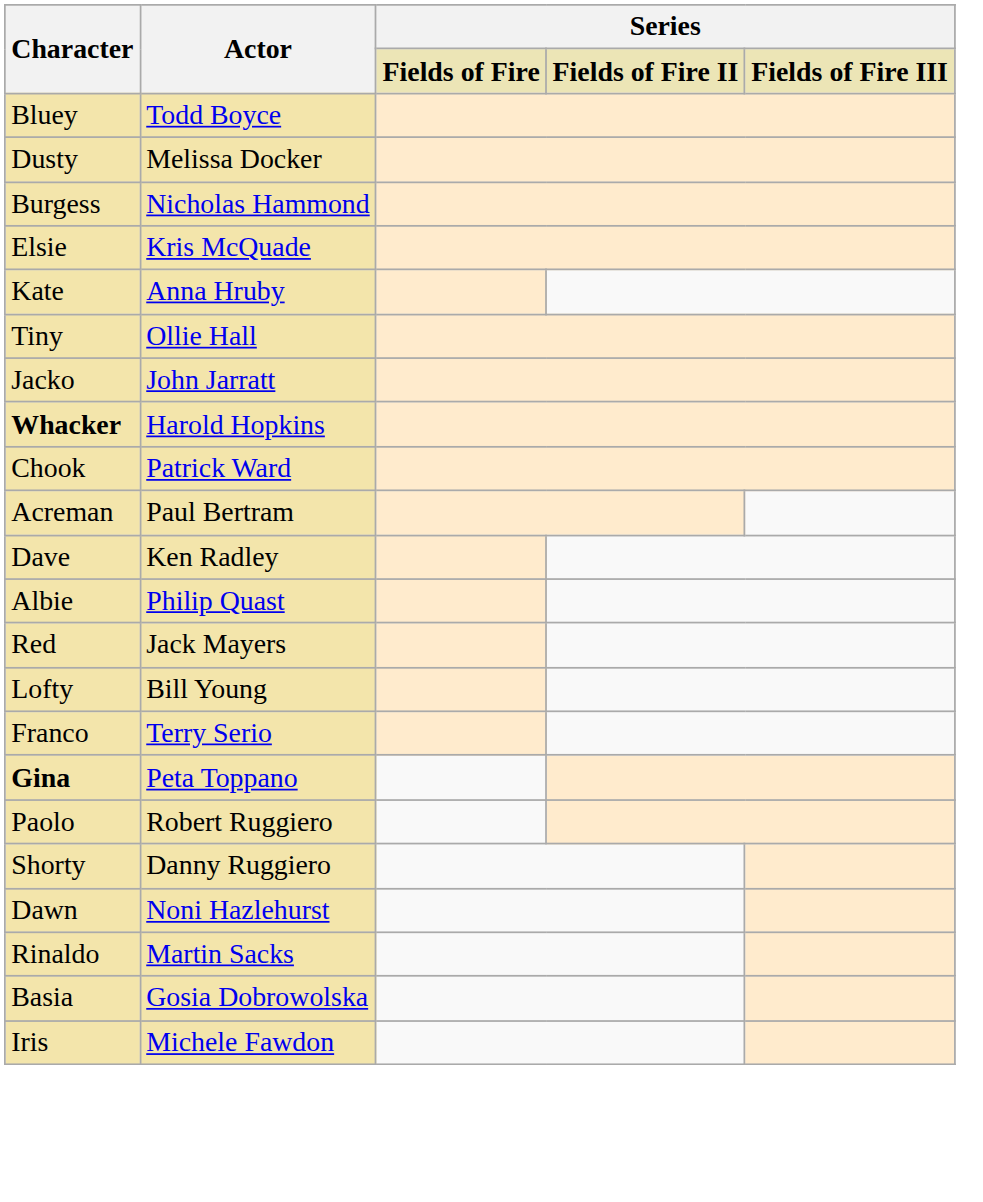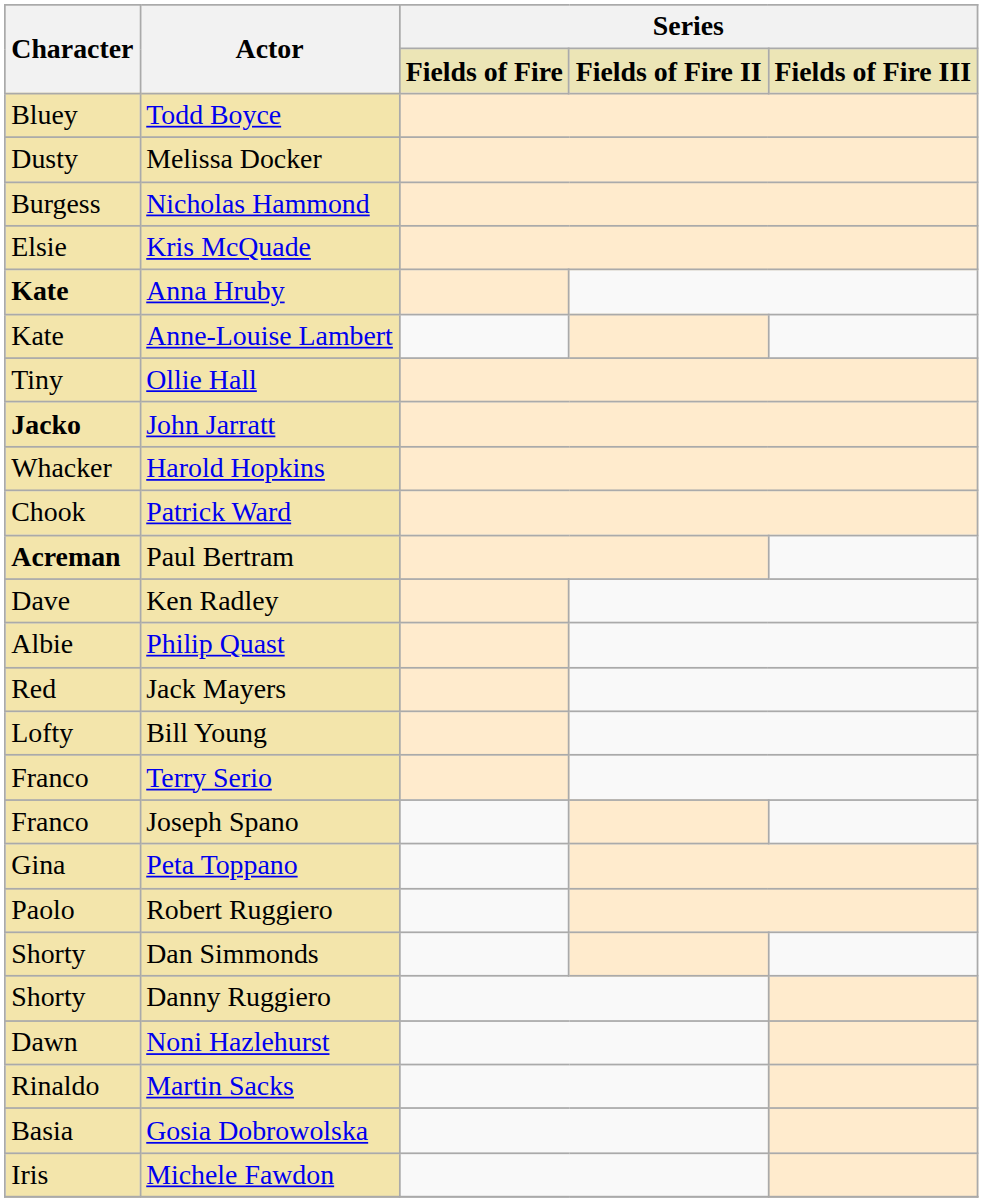 <table class="wikitable">
 <tr>
 <th rowspan="2" style=”background:#ECE5B6”>Character</th>
 <th rowspan="2" style=”background:#ECE5B6”>Actor</th>
 <th colspan="3" style=”background:#ECE5B6”>Series</th>
 </tr>
 <tr>
 <th scope="col" style="background:#ECE5B6">Fields of Fire</th>
 <th scope="col" style="background:#ECE5B6">Fields of Fire II</th>
 <th scope="col" style="background:#ECE5B6">Fields of Fire III</th>
 </tr>
 <tr>
 <td scope="col" colspan="1" style="background:#F3E5AB">Bluey</td>
 <td scope="col" colspan="1" style="background:#F3E5AB"><a href='#'>Todd Boyce</a></td>
 <td scope="col" colspan="3" style="background:#FFEBCD"></td>
 </tr>
 <tr>
 <td scope="col" colspan="1" style="background:#F3E5AB">Dusty</td>
 <td scope="col" colspan="1" style="background:#F3E5AB">Melissa Docker</td>
 <td scope="col" colspan="3" style="background:#FFEBCD"></td>
 </tr>
 <tr>
 <td scope="col" colspan="1" style="background:#F3E5AB">Burgess</td>
 <td scope="col" colspan="1" style="background:#F3E5AB"><a href='#'>Nicholas Hammond</a></td>
 <td scope="col" colspan="3" style="background:#FFEBCD"></td>
 </tr>
 <tr>
 <td scope="col" colspan="1" style="background:#F3E5AB">Elsie</td>
 <td scope="col" colspan="1" style="background:#F3E5AB"><a href='#'>Kris McQuade</a></td>
 <td scope="col" colspan="3" style="background:#FFEBCD"></td>
 </tr>
 <tr>
-<td scope="col" colspan="1" style="background:#F3E5AB">Kate</td>
+<td scope="col" colspan="1" style="background:#F3E5AB"><strong>Kate</strong></td>
 <td scope="col" colspan="1" style="background:#F3E5AB"><a href='#'>Anna Hruby</a></td>
 <td scope="col" colspan="1" style="background:#FFEBCD"></td>
 <td scope="col" colspan="2"></td>
+</tr>
+<tr>
+<td scope="col" colspan="1" style="background:#F3E5AB">Kate</td>
+<td scope="col" colspan="1" style="background:#F3E5AB"><a href='#'>Anne-Louise Lambert</a></td>
+<td scope="col" colspan="1"></td>
+<td scope="col" colspan="1" style="background:#FFEBCD"></td>
+<td scope="col" colspan="1"></td>
 </tr>
 <tr>
 <td scope="col" colspan="1" style="background:#F3E5AB">Tiny</td>
 <td scope="col" colspan="1" style="background:#F3E5AB"><a href='#'>Ollie Hall</a></td>
 <td scope="col" colspan="3" style="background:#FFEBCD"></td>
 </tr>
 <tr>
-<td scope="col" colspan="1" style="background:#F3E5AB">Jacko</td>
+<td scope="col" colspan="1" style="background:#F3E5AB"><strong>Jacko</strong></td>
 <td scope="col" colspan="1" style="background:#F3E5AB"><a href='#'>John Jarratt</a></td>
 <td scope="col" colspan="3" style="background:#FFEBCD"></td>
 </tr>
 <tr>
-<td scope="col" colspan="1" style="background:#F3E5AB"><strong>Whacker</strong></td>
+<td scope="col" colspan="1" style="background:#F3E5AB">Whacker</td>
 <td scope="col" colspan="1" style="background:#F3E5AB"><a href='#'>Harold Hopkins</a></td>
 <td scope="col" colspan="3" style="background:#FFEBCD"></td>
 </tr>
 <tr>
 <td scope="col" colspan="1" style="background:#F3E5AB">Chook</td>
 <td scope="col" colspan="1" style="background:#F3E5AB"><a href='#'>Patrick Ward</a></td>
 <td scope="col" colspan="3" style="background:#FFEBCD"></td>
 </tr>
 <tr>
-<td scope="col" colspan="1" style="background:#F3E5AB">Acreman</td>
+<td scope="col" colspan="1" style="background:#F3E5AB"><strong>Acreman</strong></td>
 <td scope="col" colspan="1" style="background:#F3E5AB">Paul Bertram</td>
 <td scope="col" colspan="2" style="background:#FFEBCD"></td>
 <td scope="col" colspan="1"></td>
 </tr>
 <tr>
 <td scope="col" colspan="1" style="background:#F3E5AB">Dave</td>
 <td scope="col" colspan="1" style="background:#F3E5AB">Ken Radley</td>
 <td scope="col" colspan="1" style="background:#FFEBCD"></td>
 <td scope="col" colspan="2"></td>
 </tr>
 <tr>
 <td scope="col" colspan="1" style="background:#F3E5AB">Albie</td>
 <td scope="col" colspan="1" style="background:#F3E5AB"><a href='#'>Philip Quast</a></td>
 <td scope="col" colspan="1" style="background:#FFEBCD"></td>
 <td scope="col" colspan="2"></td>
 </tr>
 <tr>
 <td scope="col" colspan="1" style="background:#F3E5AB">Red</td>
 <td scope="col" colspan="1" style="background:#F3E5AB">Jack Mayers</td>
 <td scope="col" colspan="1" style="background:#FFEBCD"></td>
 <td scope="col" colspan="2"></td>
 </tr>
 <tr>
 <td scope="col" colspan="1" style="background:#F3E5AB">Lofty</td>
 <td scope="col" colspan="1" style="background:#F3E5AB">Bill Young</td>
 <td scope="col" colspan="1" style="background:#FFEBCD"></td>
 <td scope="col" colspan="2"></td>
 </tr>
 <tr>
 <td scope="col" colspan="1" style="background:#F3E5AB">Franco</td>
 <td scope="col" colspan="1" style="background:#F3E5AB"><a href='#'>Terry Serio</a></td>
 <td scope="col" colspan="1" style="background:#FFEBCD"></td>
 <td scope="col" colspan="2"></td>
 </tr>
 <tr>
-<td scope="col" colspan="1" style="background:#F3E5AB"><strong>Gina</strong></td>
+<td scope="col" colspan="1" style="background:#F3E5AB">Franco</td>
+<td scope="col" colspan="1" style="background:#F3E5AB">Joseph Spano</td>
+<td scope="col" colspan="1"></td>
+<td scope="col" colspan="1" style="background:#FFEBCD"></td>
+<td scope="col" colspan="1"></td>
+</tr>
+<tr>
+<td scope="col" colspan="1" style="background:#F3E5AB">Gina</td>
 <td scope="col" colspan="1" style="background:#F3E5AB"><a href='#'>Peta Toppano</a></td>
 <td scope="col" colspan="1"></td>
 <td scope="col" colspan="2" style="background:#FFEBCD"></td>
 </tr>
 <tr>
 <td scope="col" colspan="1" style="background:#F3E5AB">Paolo</td>
 <td scope="col" colspan="1" style="background:#F3E5AB">Robert Ruggiero</td>
 <td scope="col" colspan="1"></td>
 <td scope="col" colspan="2" style="background:#FFEBCD"></td>
+</tr>
+<tr>
+<td scope="col" colspan="1" style="background:#F3E5AB">Shorty</td>
+<td scope="col" colspan="1" style="background:#F3E5AB">Dan Simmonds</td>
+<td scope="col" colspan="1"></td>
+<td scope="col" colspan="1" style="background:#FFEBCD"></td>
+<td scope="col" colspan="1"></td>
 </tr>
 <tr>
 <td scope="col" colspan="1" style="background:#F3E5AB">Shorty</td>
 <td scope="col" colspan="1" style="background:#F3E5AB">Danny Ruggiero</td>
 <td scope="col" colspan="2"></td>
 <td scope="col" colspan="1" style="background:#FFEBCD"></td>
 </tr>
 <tr>
 <td scope="col" colspan="1" style="background:#F3E5AB">Dawn</td>
 <td scope="col" colspan="1" style="background:#F3E5AB"><a href='#'>Noni Hazlehurst</a></td>
 <td scope="col" colspan="2"></td>
 <td scope="col" colspan="1" style="background:#FFEBCD"></td>
 </tr>
 <tr>
 <td scope="col" colspan="1" style="background:#F3E5AB">Rinaldo</td>
 <td scope="col" colspan="1" style="background:#F3E5AB"><a href='#'>Martin Sacks</a></td>
 <td scope="col" colspan="2"></td>
 <td scope="col" colspan="1" style="background:#FFEBCD"></td>
 </tr>
 <tr>
 <td scope="col" colspan="1" style="background:#F3E5AB">Basia</td>
 <td scope="col" colspan="1" style="background:#F3E5AB"><a href='#'>Gosia Dobrowolska</a></td>
 <td scope="col" colspan="2"></td>
 <td scope="col" colspan="1" style="background:#FFEBCD"></td>
 </tr>
 <tr>
 <td scope="col" colspan="1" style="background:#F3E5AB">Iris</td>
 <td scope="col" colspan="1" style="background:#F3E5AB"><a href='#'>Michele Fawdon</a></td>
 <td scope="col" colspan="2"></td>
 <td scope="col" colspan="1" style="background:#FFEBCD"></td>
 </tr>
 <tr>
 </tr>
 </table>
